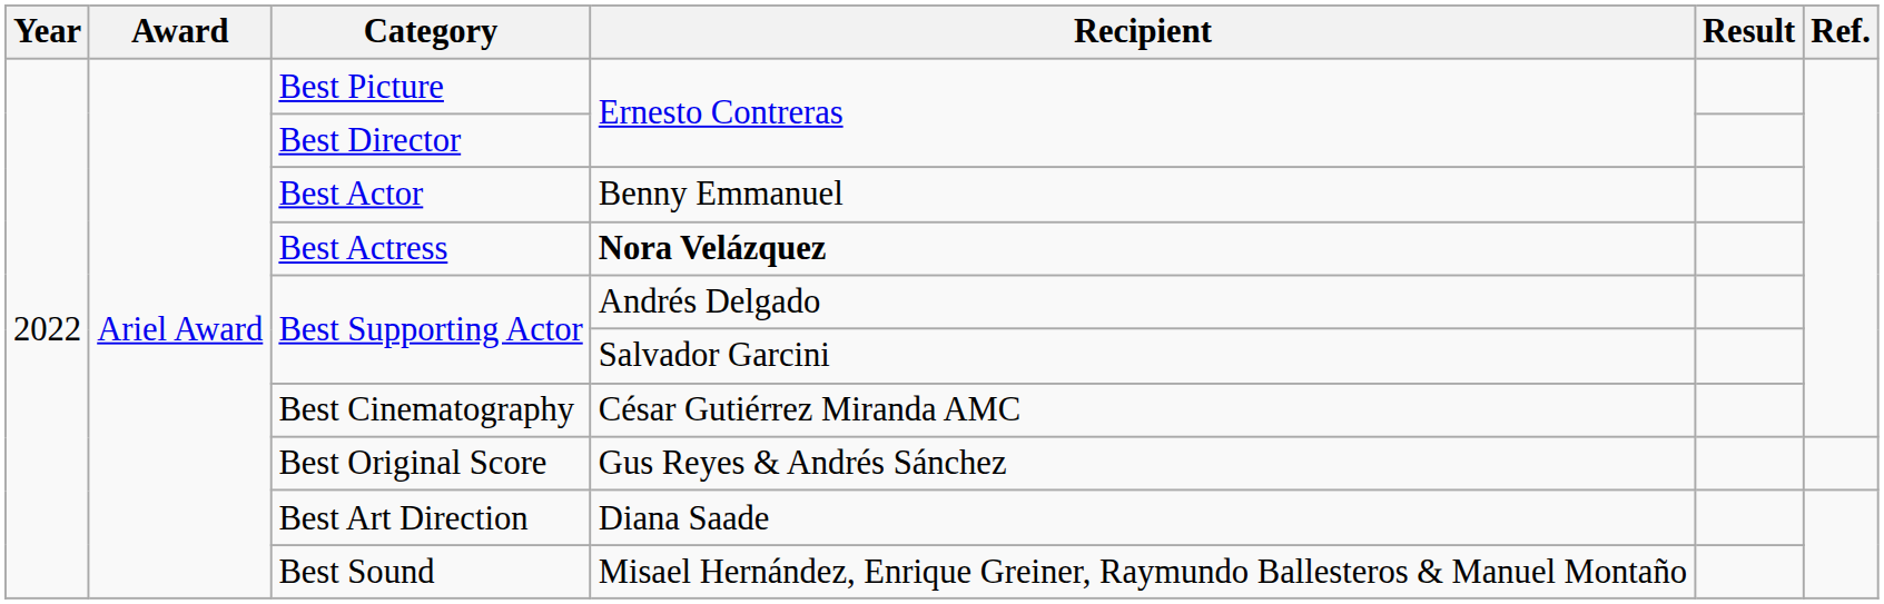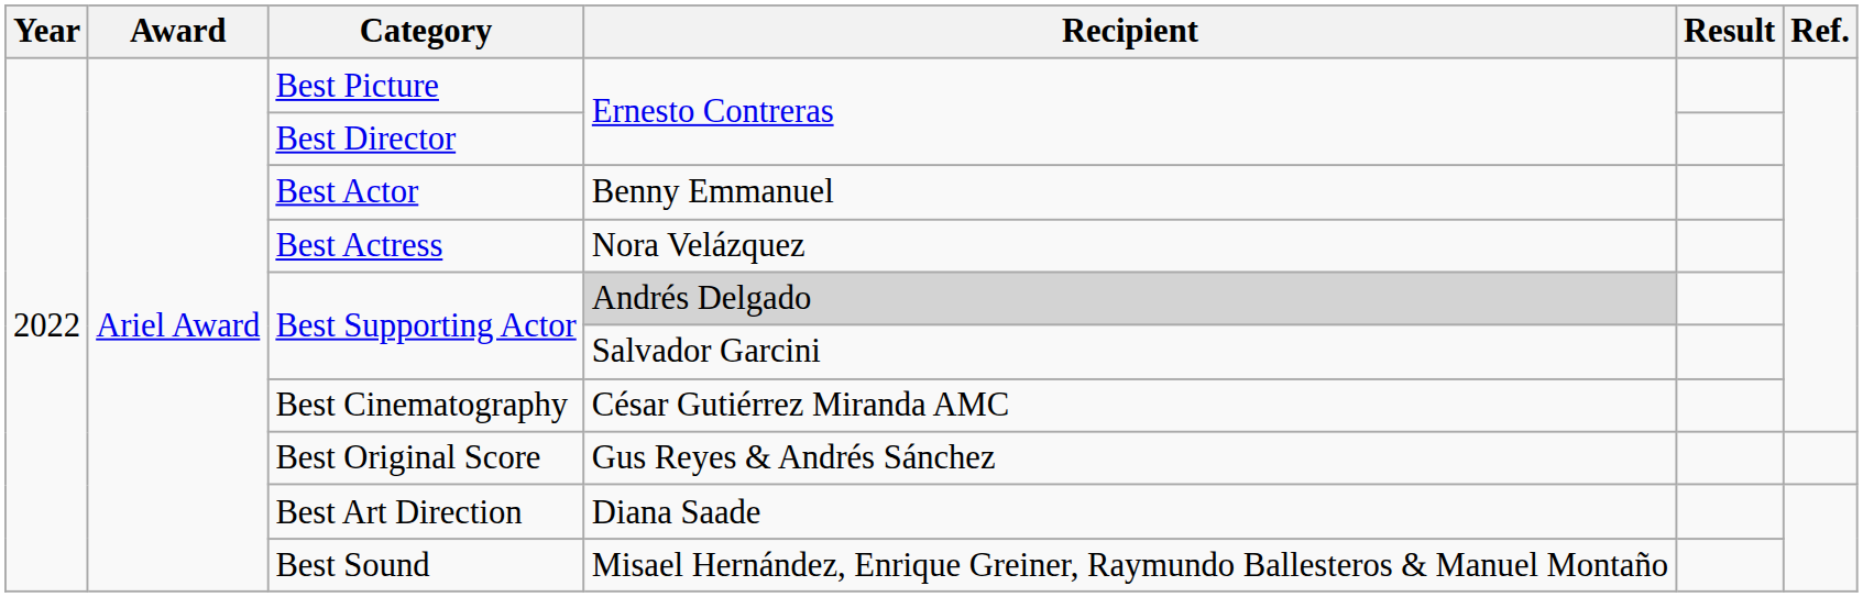 <table class="wikitable">
 <tr>
 <th>Year</th>
 <th>Award</th>
 <th>Category</th>
 <th>Recipient</th>
 <th>Result</th>
 <th>Ref.</th>
 </tr>
 <tr>
 <td rowspan="10">2022</td>
 <td rowspan="10"><a href='#'>Ariel Award</a></td>
 <td><a href='#'>Best Picture</a></td>
 <td rowspan="2"><a href='#'>Ernesto Contreras</a></td>
 <td></td>
 <td rowspan="7"></td>
 </tr>
 <tr>
 <td><a href='#'>Best Director</a></td>
 <td></td>
 </tr>
 <tr>
 <td><a href='#'>Best Actor</a></td>
 <td>Benny Emmanuel</td>
 <td></td>
 </tr>
 <tr>
 <td><a href='#'>Best Actress</a></td>
-<td><strong>Nora Velázquez</strong></td>
+<td>Nora Velázquez</td>
 <td></td>
 </tr>
 <tr>
 <td rowspan="2"><a href='#'>Best Supporting Actor</a></td>
-<td>Andrés Delgado</td>
+<td style="background: lightgrey;">Andrés Delgado</td>
 <td></td>
 </tr>
 <tr>
 <td>Salvador Garcini</td>
 <td></td>
 </tr>
 <tr>
 <td>Best Cinematography</td>
 <td>César Gutiérrez Miranda AMC</td>
 <td></td>
 </tr>
 <tr>
 <td>Best Original Score</td>
 <td>Gus Reyes & Andrés Sánchez</td>
 <td></td>
 <td></td>
 </tr>
 <tr>
 <td>Best Art Direction</td>
 <td>Diana Saade</td>
 <td></td>
 <td rowspan="2"></td>
 </tr>
 <tr>
 <td>Best Sound</td>
 <td>Misael Hernández, Enrique Greiner, Raymundo Ballesteros & Manuel Montaño</td>
 <td></td>
 </tr>
 </table>
